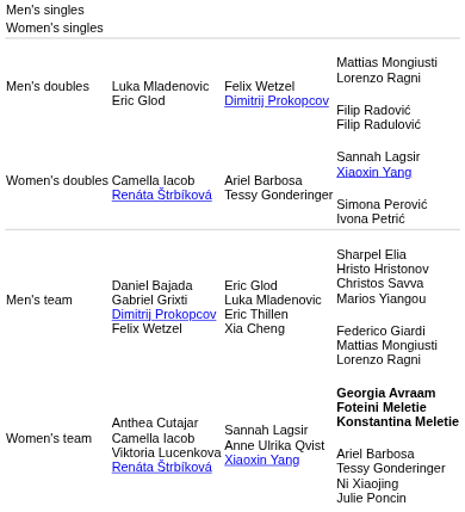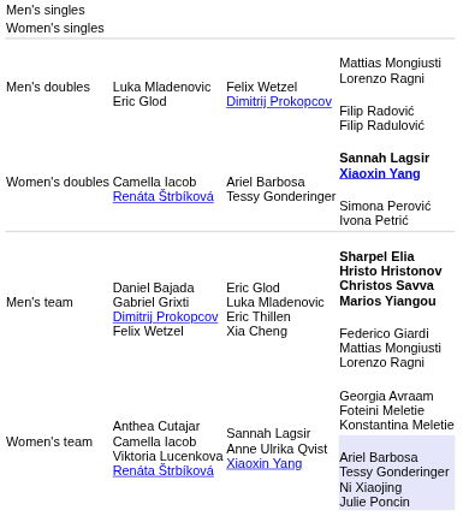 <table>
 <tr>
 <td rowspan=2>Men's singles</td>
 <td rowspan=2></td>
 <td rowspan=2></td>
 <td></td>
 </tr>
 <tr>
 <td></td>
 </tr>
 <tr>
 <td rowspan=2>Women's singles</td>
 <td rowspan=2></td>
 <td rowspan=2></td>
 <td></td>
 </tr>
 <tr>
 <td></td>
 </tr>
 <tr bgcolor=#dddddd>
 <td colspan=4></td>
 </tr>
 <tr>
 <td rowspan=2>Men's doubles</td>
 <td rowspan=2><br>Luka Mladenovic<br>Eric Glod</td>
 <td rowspan=2><br>Felix Wetzel<br><a href='#'>Dimitrij Prokopcov</a></td>
 <td><br>Mattias Mongiusti<br>Lorenzo Ragni</td>
 </tr>
 <tr>
 <td><br>Filip Radović<br>Filip Radulović</td>
 </tr>
 <tr>
 <td rowspan=2>Women's doubles</td>
 <td rowspan=2><br>Camella Iacob<br><a href='#'>Renáta Štrbíková</a></td>
 <td rowspan=2><br>Ariel Barbosa<br>Tessy Gonderinger</td>
-<td><br>Sannah Lagsir<br><a href='#'>Xiaoxin Yang</a></td>
+<td><strong><br>Sannah Lagsir<br><a href='#'>Xiaoxin Yang</a></strong></td>
 </tr>
 <tr>
 <td><br>Simona Perović<br>Ivona Petrić</td>
 </tr>
 <tr bgcolor=#dddddd>
 <td colspan=4></td>
 </tr>
 <tr>
 <td rowspan=2>Men's team</td>
 <td rowspan=2><br>Daniel Bajada<br>Gabriel Grixti<br><a href='#'>Dimitrij Prokopcov</a><br>Felix Wetzel</td>
 <td rowspan=2><br>Eric Glod<br>Luka Mladenovic<br>Eric Thillen<br>Xia Cheng</td>
-<td><br>Sharpel Elia<br>Hristo Hristonov<br>Christos Savva<br>Marios Yiangou</td>
+<td><strong><br>Sharpel Elia<br>Hristo Hristonov<br>Christos Savva<br>Marios Yiangou</strong></td>
 </tr>
 <tr>
 <td><br>Federico Giardi<br>Mattias Mongiusti<br>Lorenzo Ragni</td>
 </tr>
 <tr>
 <td rowspan=2>Women's team</td>
 <td rowspan=2><br>Anthea Cutajar<br>Camella Iacob<br>Viktoria Lucenkova<br><a href='#'>Renáta Štrbíková</a></td>
 <td rowspan=2><br>Sannah Lagsir<br>Anne Ulrika Qvist<br><a href='#'>Xiaoxin Yang</a></td>
-<td><strong><br>Georgia Avraam<br>Foteini Meletie<br>Konstantina Meletie</strong></td>
+<td><br>Georgia Avraam<br>Foteini Meletie<br>Konstantina Meletie</td>
 </tr>
 <tr>
-<td><br>Ariel Barbosa<br>Tessy Gonderinger<br>Ni Xiaojing<br>Julie Poncin</td>
+<td style="background: lavender;"><br>Ariel Barbosa<br>Tessy Gonderinger<br>Ni Xiaojing<br>Julie Poncin</td>
 </tr>
 </table>
